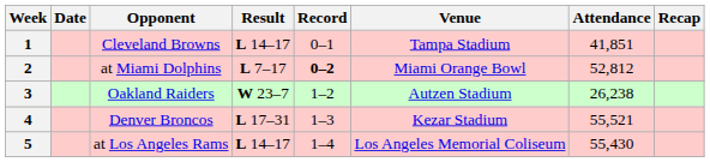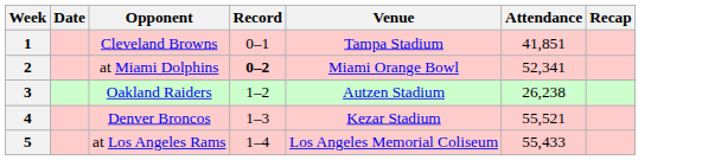 <table class="wikitable" style="text-align:center">
 <tr>
 <th>Week</th>
 <th>Date</th>
 <th>Opponent</th>
-<th>Result</th>
 <th>Record</th>
 <th>Venue</th>
 <th>Attendance</th>
 <th>Recap</th>
 </tr>
 <tr style="background:#fcc">
 <th>1</th>
 <td></td>
 <td><a href='#'>Cleveland Browns</a></td>
-<td><strong>L</strong> 14–17</td>
 <td>0–1</td>
 <td><a href='#'>Tampa Stadium</a></td>
 <td>41,851</td>
 <td></td>
 </tr>
 <tr style="background:#fcc">
 <th>2</th>
 <td></td>
 <td>at <a href='#'>Miami Dolphins</a></td>
-<td><strong>L</strong> 7–17</td>
 <td><strong>0–2</strong></td>
 <td><a href='#'>Miami Orange Bowl</a></td>
-<td>52,812</td>
+<td>52,341</td>
 <td></td>
 </tr>
 <tr style="background:#cfc">
 <th>3</th>
 <td></td>
 <td><a href='#'>Oakland Raiders</a></td>
-<td><strong>W</strong> 23–7</td>
 <td>1–2</td>
 <td><a href='#'>Autzen Stadium</a></td>
 <td>26,238</td>
 <td></td>
 </tr>
 <tr style="background:#fcc">
 <th>4</th>
 <td></td>
 <td><a href='#'>Denver Broncos</a></td>
-<td><strong>L</strong> 17–31</td>
 <td>1–3</td>
 <td><a href='#'>Kezar Stadium</a></td>
 <td>55,521</td>
 <td></td>
 </tr>
 <tr style="background:#fcc">
 <th>5</th>
 <td></td>
 <td>at <a href='#'>Los Angeles Rams</a></td>
-<td><strong>L</strong> 14–17</td>
 <td>1–4</td>
 <td><a href='#'>Los Angeles Memorial Coliseum</a></td>
-<td>55,430</td>
+<td>55,433</td>
 <td></td>
 </tr>
 </table>
